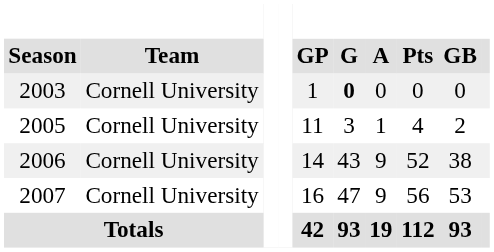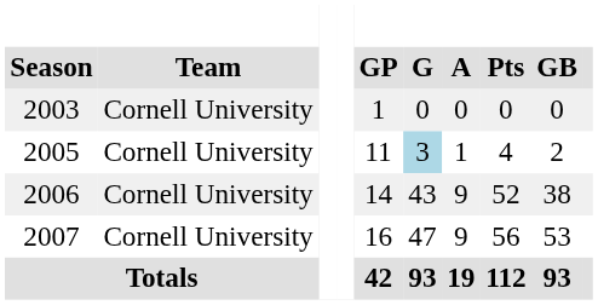 <table BORDER="0" CELLPADDING="3" CELLSPACING="0">
 <tr ALIGN="center" bgcolor="#e0e0e0">
 <th colspan="2" bgcolor="#ffffff"> </th>
 <th rowspan="99" bgcolor="#ffffff"> </th>
 <th rowspan="99" bgcolor="#ffffff"> </th>
 </tr>
 <tr ALIGN="center" bgcolor="#e0e0e0">
 <th>Season</th>
 <th>Team</th>
 <th>GP</th>
 <th>G</th>
 <th>A</th>
 <th>Pts</th>
 <th>GB</th>
 <th></th>
 </tr>
 <tr ALIGN="center" bgcolor="#f0f0f0">
 <td>2003</td>
 <td>Cornell University</td>
 <td>1</td>
-<td><strong>0</strong></td>
+<td>0</td>
 <td>0</td>
 <td>0</td>
 <td>0</td>
 <td></td>
 </tr>
 <tr ALIGN="center">
 <td>2005</td>
 <td>Cornell University</td>
 <td>11</td>
-<td>3</td>
+<td style="background: lightblue;">3</td>
 <td>1</td>
 <td>4</td>
 <td>2</td>
 <td></td>
 </tr>
 <tr ALIGN="center" bgcolor="#f0f0f0">
 <td>2006</td>
 <td>Cornell University</td>
 <td>14</td>
 <td>43</td>
 <td>9</td>
 <td>52</td>
 <td>38</td>
 <td></td>
 </tr>
 <tr ALIGN="center">
 <td>2007</td>
 <td>Cornell University</td>
 <td>16</td>
 <td>47</td>
 <td>9</td>
 <td>56</td>
 <td>53</td>
 <td></td>
 </tr>
 <tr ALIGN="center" bgcolor="#e0e0e0">
 <th colspan="2">Totals</th>
 <th>42</th>
 <th>93</th>
 <th>19</th>
 <th>112</th>
 <th>93</th>
 <th></th>
 </tr>
 </table>
